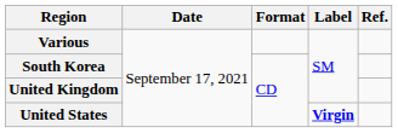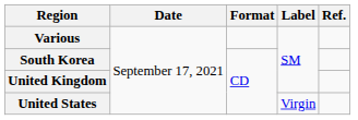 <table class="wikitable plainrowheaders">
 <tr>
 <th scope="col">Region</th>
 <th scope="col">Date</th>
 <th scope="col">Format</th>
 <th scope="col">Label</th>
 <th scope="col">Ref.</th>
 </tr>
 <tr>
 <th scope="row">Various</th>
 <td rowspan="4">September 17, 2021</td>
 <td></td>
 <td rowspan="3"><a href='#'>SM</a></td>
 <td align="center"></td>
 </tr>
 <tr>
 <th scope="row">South Korea</th>
 <td rowspan="3"><a href='#'>CD</a></td>
 <td align="center"></td>
 </tr>
 <tr>
 <th scope="row">United Kingdom</th>
 <td align="center"></td>
 </tr>
 <tr>
 <th scope="row">United States</th>
-<td><strong><a href='#'>Virgin</a></strong></td>
+<td><a href='#'>Virgin</a></td>
 <td align="center"></td>
 </tr>
 </table>
